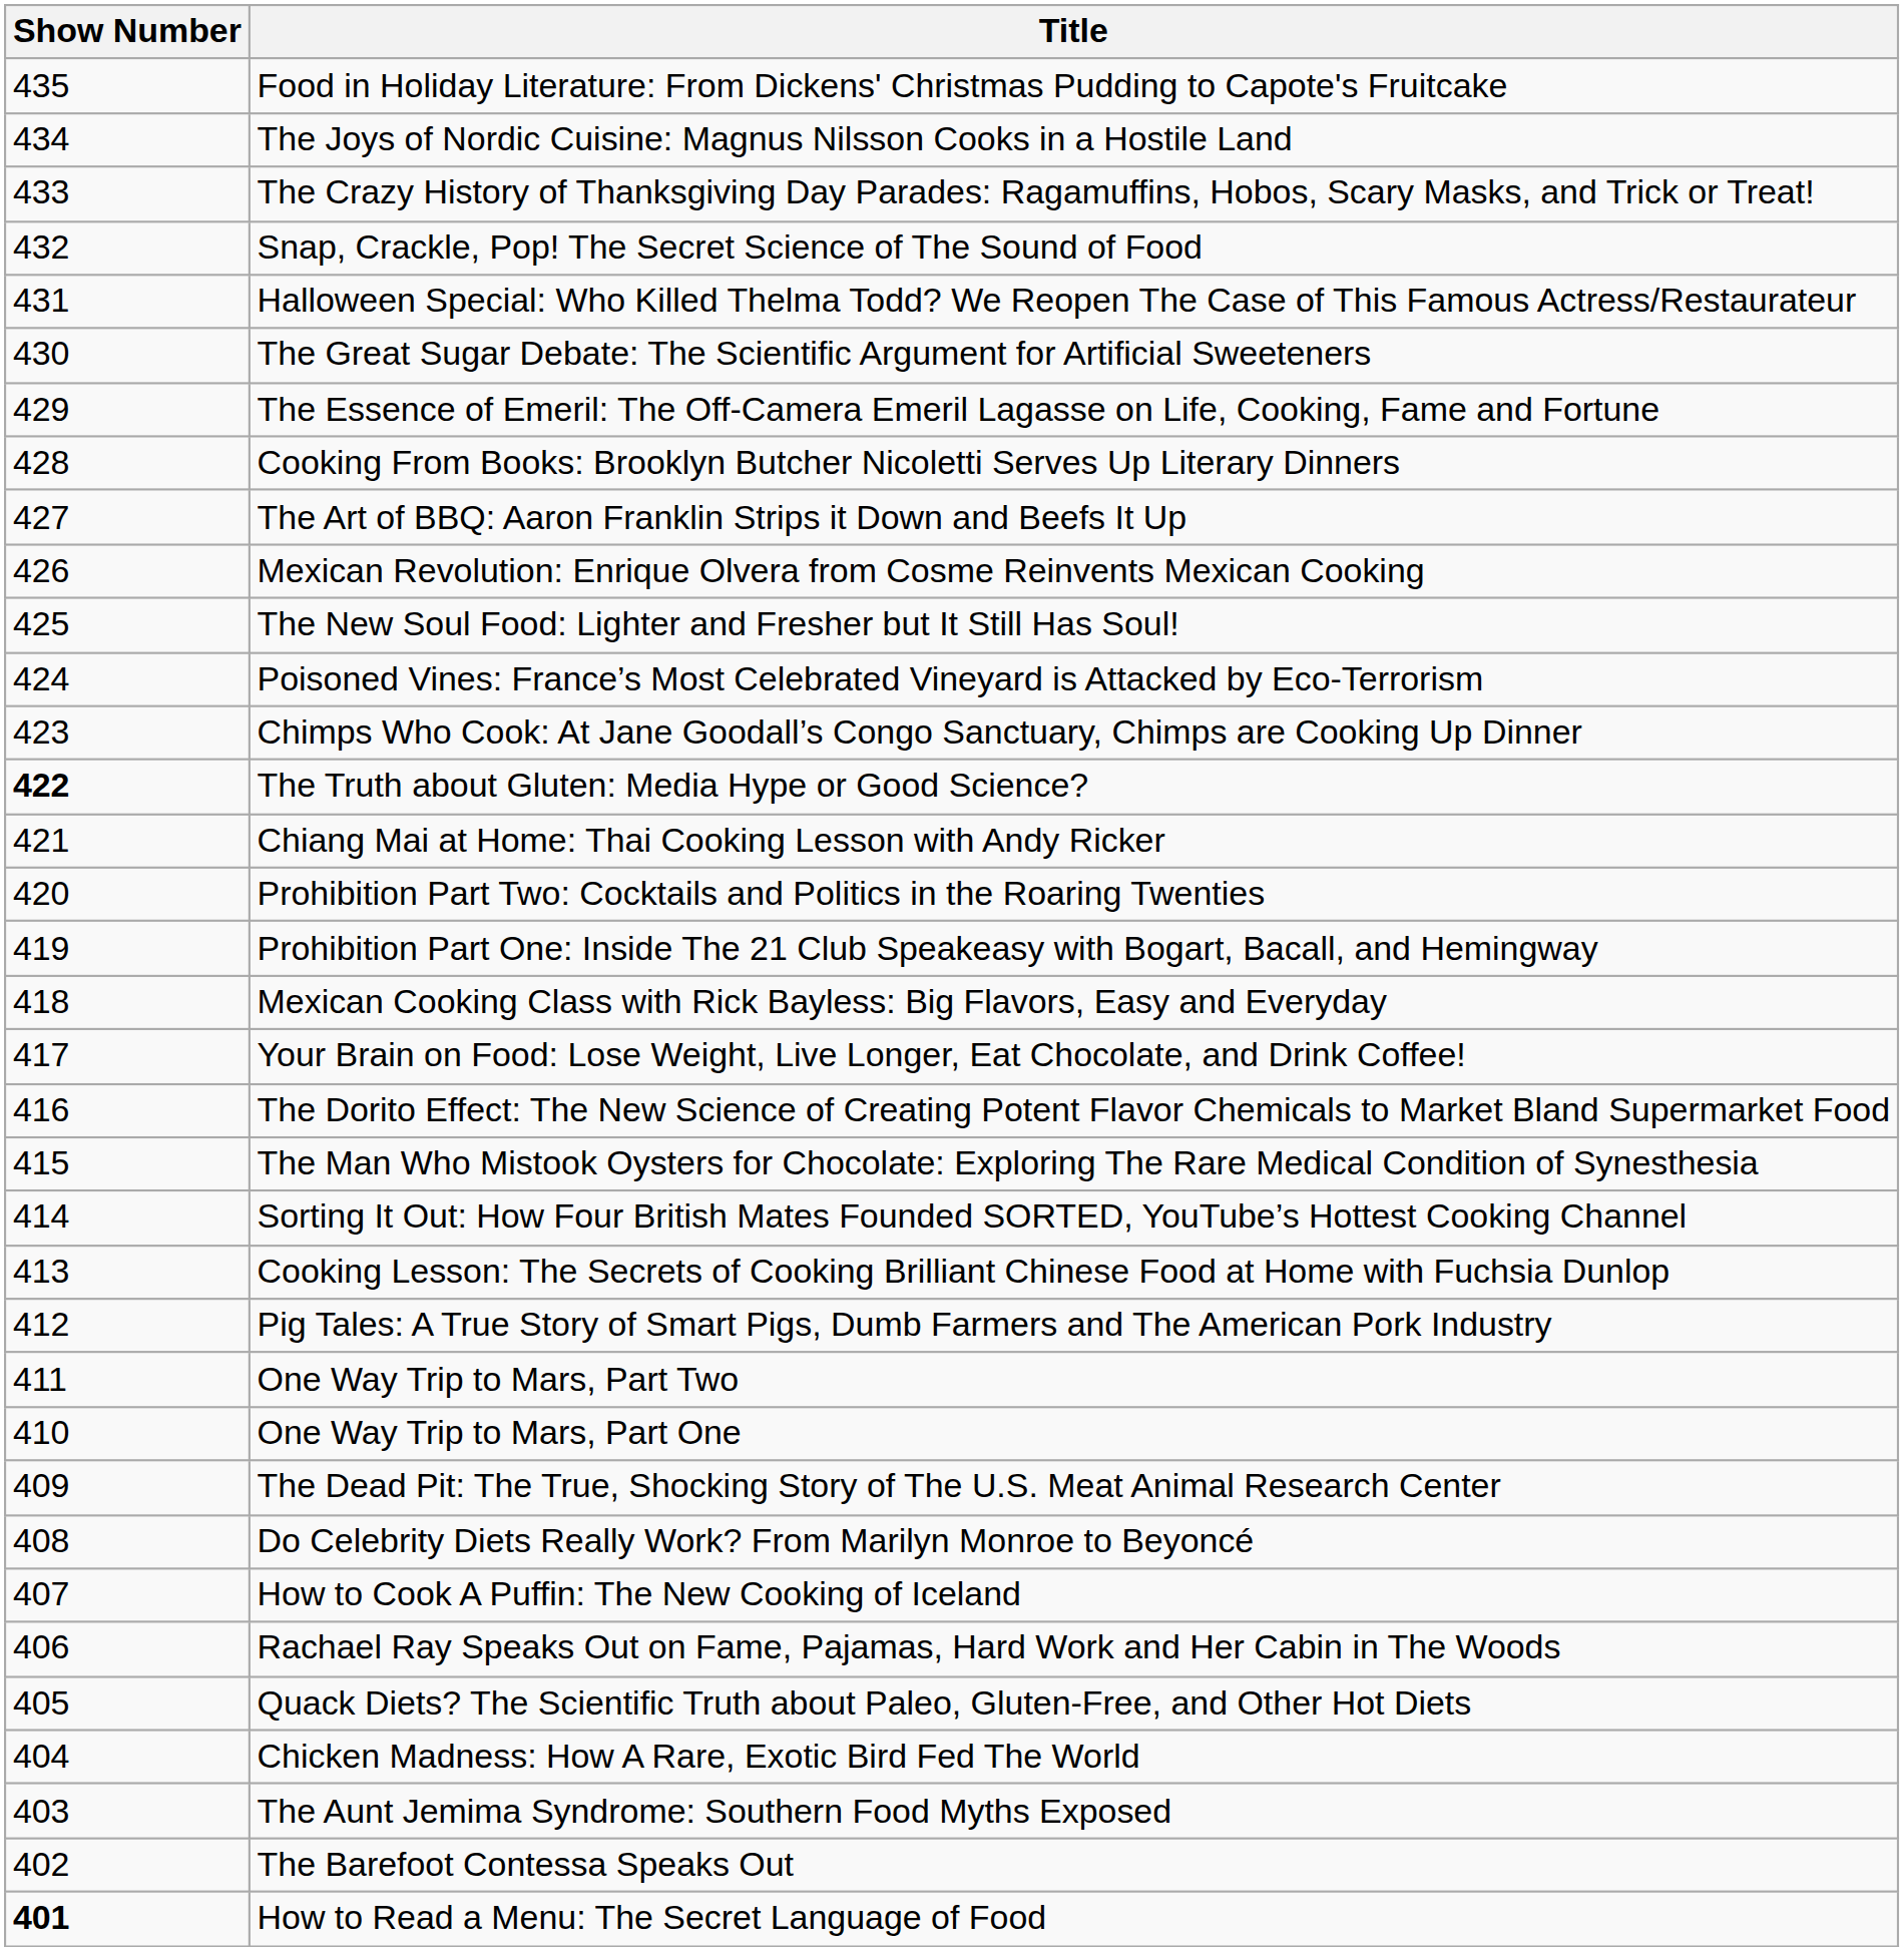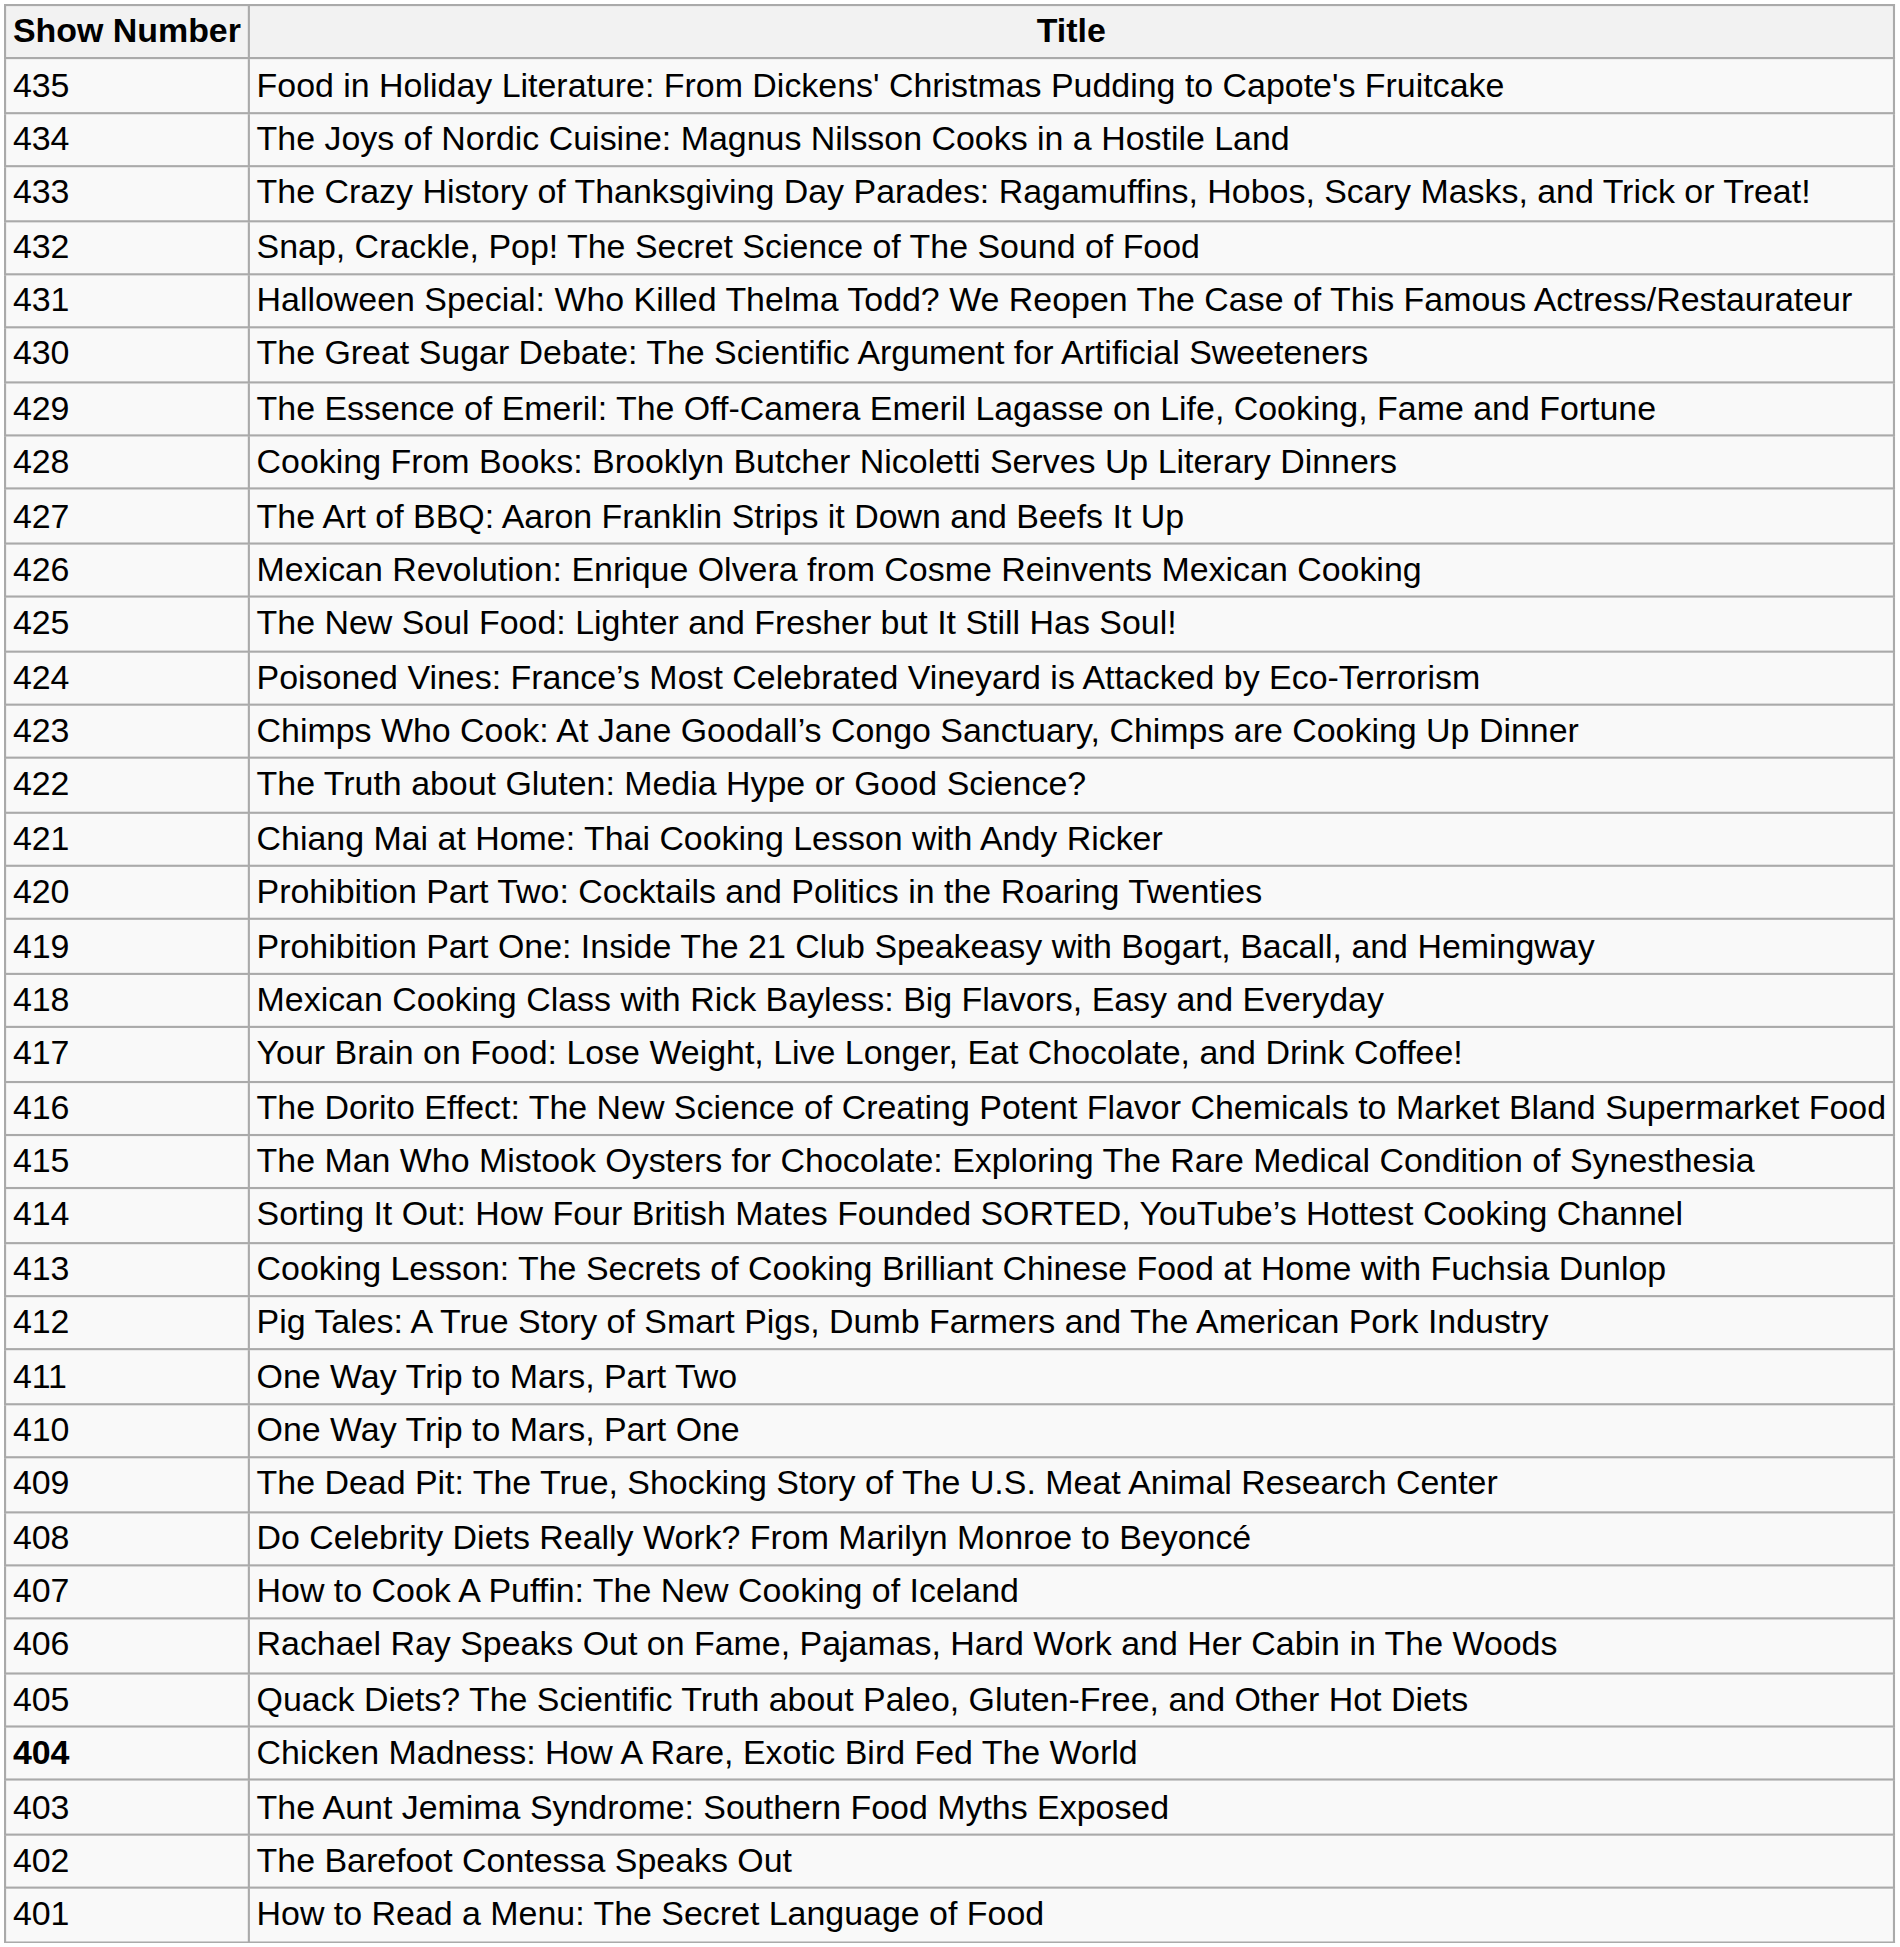 <table class=wikitable>
 <tr>
 <th>Show Number</th>
 <th>Title</th>
 </tr>
 <tr>
 <td>435</td>
 <td>Food in Holiday Literature: From Dickens' Christmas Pudding to Capote's Fruitcake</td>
 </tr>
 <tr>
 <td>434</td>
 <td>The Joys of Nordic Cuisine: Magnus Nilsson Cooks in a Hostile Land</td>
 </tr>
 <tr>
 <td>433</td>
 <td>The Crazy History of Thanksgiving Day Parades: Ragamuffins, Hobos, Scary Masks, and Trick or Treat!</td>
 </tr>
 <tr>
 <td>432</td>
 <td>Snap, Crackle, Pop! The Secret Science of The Sound of Food</td>
 </tr>
 <tr>
 <td>431</td>
 <td>Halloween Special: Who Killed Thelma Todd? We Reopen The Case of This Famous Actress/Restaurateur</td>
 </tr>
 <tr>
 <td>430</td>
 <td>The Great Sugar Debate: The Scientific Argument for Artificial Sweeteners</td>
 </tr>
 <tr>
 <td>429</td>
 <td>The Essence of Emeril: The Off-Camera Emeril Lagasse on Life, Cooking, Fame and Fortune</td>
 </tr>
 <tr>
 <td>428</td>
 <td>Cooking From Books: Brooklyn Butcher Nicoletti Serves Up Literary Dinners</td>
 </tr>
 <tr>
 <td>427</td>
 <td>The Art of BBQ: Aaron Franklin Strips it Down and Beefs It Up</td>
 </tr>
 <tr>
 <td>426</td>
 <td>Mexican Revolution: Enrique Olvera from Cosme Reinvents Mexican Cooking</td>
 </tr>
 <tr>
 <td>425</td>
 <td>The New Soul Food: Lighter and Fresher but It Still Has Soul!</td>
 </tr>
 <tr>
 <td>424</td>
 <td>Poisoned Vines: France’s Most Celebrated Vineyard is Attacked by Eco-Terrorism</td>
 </tr>
 <tr>
 <td>423</td>
 <td>Chimps Who Cook: At Jane Goodall’s Congo Sanctuary, Chimps are Cooking Up Dinner</td>
 </tr>
 <tr>
-<td><strong>422</strong></td>
+<td>422</td>
 <td>The Truth about Gluten: Media Hype or Good Science?</td>
 </tr>
 <tr>
 <td>421</td>
 <td>Chiang Mai at Home: Thai Cooking Lesson with Andy Ricker</td>
 </tr>
 <tr>
 <td>420</td>
 <td>Prohibition Part Two: Cocktails and Politics in the Roaring Twenties</td>
 </tr>
 <tr>
 <td>419</td>
 <td>Prohibition Part One: Inside The 21 Club Speakeasy with Bogart, Bacall, and Hemingway</td>
 </tr>
 <tr>
 <td>418</td>
 <td>Mexican Cooking Class with Rick Bayless: Big Flavors, Easy and Everyday</td>
 </tr>
 <tr>
 <td>417</td>
 <td>Your Brain on Food: Lose Weight, Live Longer, Eat Chocolate, and Drink Coffee!</td>
 </tr>
 <tr>
 <td>416</td>
 <td>The Dorito Effect: The New Science of Creating Potent Flavor Chemicals to Market Bland Supermarket Food</td>
 </tr>
 <tr>
 <td>415</td>
 <td>The Man Who Mistook Oysters for Chocolate: Exploring The Rare Medical Condition of Synesthesia</td>
 </tr>
 <tr>
 <td>414</td>
 <td>Sorting It Out: How Four British Mates Founded SORTED, YouTube’s Hottest Cooking Channel</td>
 </tr>
 <tr>
 <td>413</td>
 <td>Cooking Lesson: The Secrets of Cooking Brilliant Chinese Food at Home with Fuchsia Dunlop</td>
 </tr>
 <tr>
 <td>412</td>
 <td>Pig Tales: A True Story of Smart Pigs, Dumb Farmers and The American Pork Industry</td>
 </tr>
 <tr>
 <td>411</td>
 <td>One Way Trip to Mars, Part Two</td>
 </tr>
 <tr>
 <td>410</td>
 <td>One Way Trip to Mars, Part One</td>
 </tr>
 <tr>
 <td>409</td>
 <td>The Dead Pit: The True, Shocking Story of The U.S. Meat Animal Research Center</td>
 </tr>
 <tr>
 <td>408</td>
 <td>Do Celebrity Diets Really Work? From Marilyn Monroe to Beyoncé</td>
 </tr>
 <tr>
 <td>407</td>
 <td>How to Cook A Puffin: The New Cooking of Iceland</td>
 </tr>
 <tr>
 <td>406</td>
 <td>Rachael Ray Speaks Out on Fame, Pajamas, Hard Work and Her Cabin in The Woods</td>
 </tr>
 <tr>
 <td>405</td>
 <td>Quack Diets? The Scientific Truth about Paleo, Gluten-Free, and Other Hot Diets</td>
 </tr>
 <tr>
-<td>404</td>
+<td><strong>404</strong></td>
 <td>Chicken Madness: How A Rare, Exotic Bird Fed The World</td>
 </tr>
 <tr>
 <td>403</td>
 <td>The Aunt Jemima Syndrome: Southern Food Myths Exposed</td>
 </tr>
 <tr>
 <td>402</td>
 <td>The Barefoot Contessa Speaks Out</td>
 </tr>
 <tr>
-<td><strong>401</strong></td>
+<td>401</td>
 <td>How to Read a Menu: The Secret Language of Food</td>
 </tr>
 <tr>
 </tr>
 </table>
